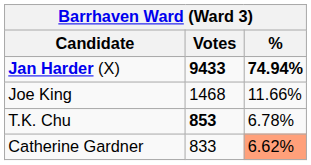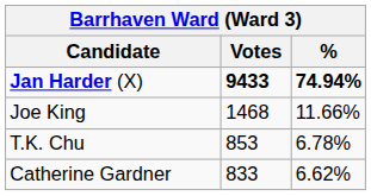 <table class="wikitable">
 <tr>
 <th colspan="3"><a href='#'>Barrhaven Ward</a> (Ward 3)</th>
 </tr>
 <tr>
 <th style="width: 170px">Candidate</th>
 <th style="width: 50px">Votes</th>
 <th style="width: 40px">%</th>
 </tr>
 <tr>
 <td><strong><a href='#'>Jan Harder</a></strong> (X)</td>
 <td><strong>9433</strong></td>
 <td><strong>74.94%</strong></td>
 </tr>
 <tr>
 <td>Joe King</td>
 <td>1468</td>
 <td>11.66%</td>
 </tr>
 <tr>
 <td>T.K. Chu</td>
-<td><strong>853</strong></td>
+<td>853</td>
 <td>6.78%</td>
 </tr>
 <tr>
 <td>Catherine Gardner</td>
 <td>833</td>
-<td style="background: lightsalmon;">6.62%</td>
+<td>6.62%</td>
 </tr>
 </table>
